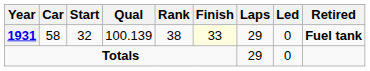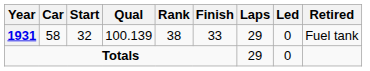 <table class="wikitable" style="text-align:center">
 <tr>
 <th>Year</th>
 <th>Car</th>
 <th>Start</th>
 <th>Qual</th>
 <th>Rank</th>
 <th>Finish</th>
 <th>Laps</th>
 <th>Led</th>
 <th>Retired</th>
 </tr>
 <tr>
 <th><a href='#'>1931</a></th>
 <td>58</td>
 <td>32</td>
 <td>100.139</td>
 <td>38</td>
-<td style="background: lightyellow;">33</td>
+<td>33</td>
 <td>29</td>
 <td>0</td>
-<td><strong>Fuel tank</strong></td>
+<td>Fuel tank</td>
 </tr>
 <tr>
 <td colspan=6><strong>Totals</strong></td>
 <td>29</td>
 <td>0</td>
 <td></td>
 </tr>
 </table>
